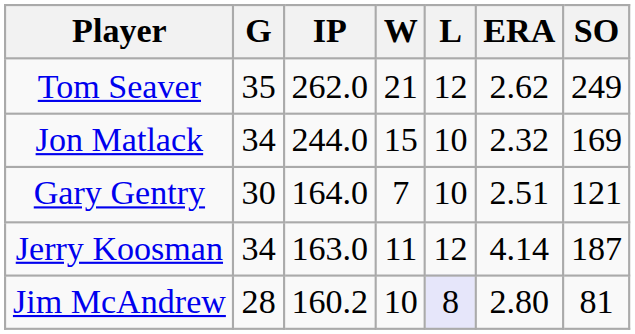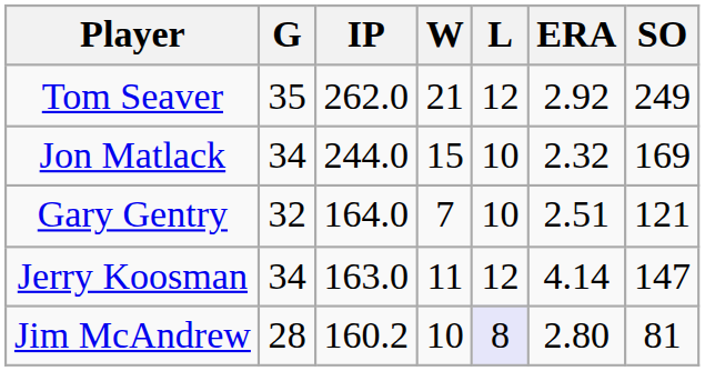 <table class="wikitable sortable">
 <tr>
 <th>Player</th>
 <th>G</th>
 <th>IP</th>
 <th>W</th>
 <th>L</th>
 <th>ERA</th>
 <th>SO</th>
 </tr>
 <tr align="center">
 <td><a href='#'>Tom Seaver</a></td>
 <td>35</td>
 <td>262.0</td>
 <td>21</td>
 <td>12</td>
-<td>2.62</td>
+<td>2.92</td>
 <td>249</td>
 </tr>
 <tr align="center">
 <td><a href='#'>Jon Matlack</a></td>
 <td>34</td>
 <td>244.0</td>
 <td>15</td>
 <td>10</td>
 <td>2.32</td>
 <td>169</td>
 </tr>
 <tr align="center">
 <td><a href='#'>Gary Gentry</a></td>
-<td>30</td>
+<td>32</td>
 <td>164.0</td>
 <td>7</td>
 <td>10</td>
 <td>2.51</td>
 <td>121</td>
 </tr>
 <tr align="center">
 <td><a href='#'>Jerry Koosman</a></td>
 <td>34</td>
 <td>163.0</td>
 <td>11</td>
 <td>12</td>
 <td>4.14</td>
-<td>187</td>
+<td>147</td>
 </tr>
 <tr align="center">
 <td><a href='#'>Jim McAndrew</a></td>
 <td>28</td>
 <td>160.2</td>
 <td>10</td>
 <td style="background: lavender;">8</td>
 <td>2.80</td>
 <td>81</td>
 </tr>
 </table>
